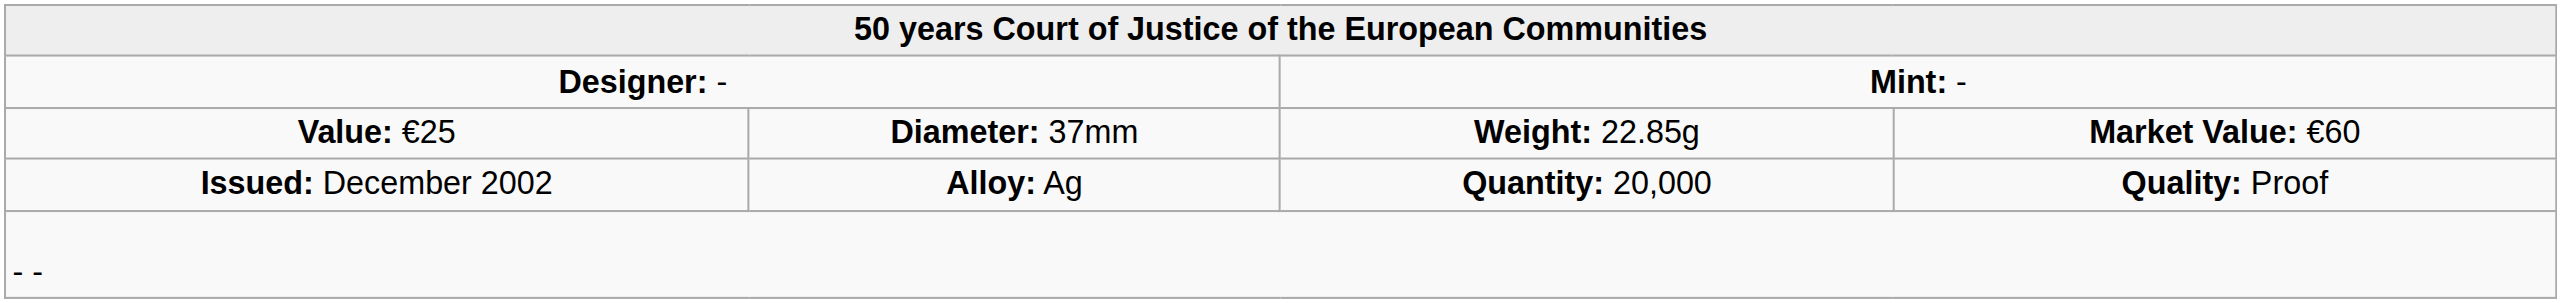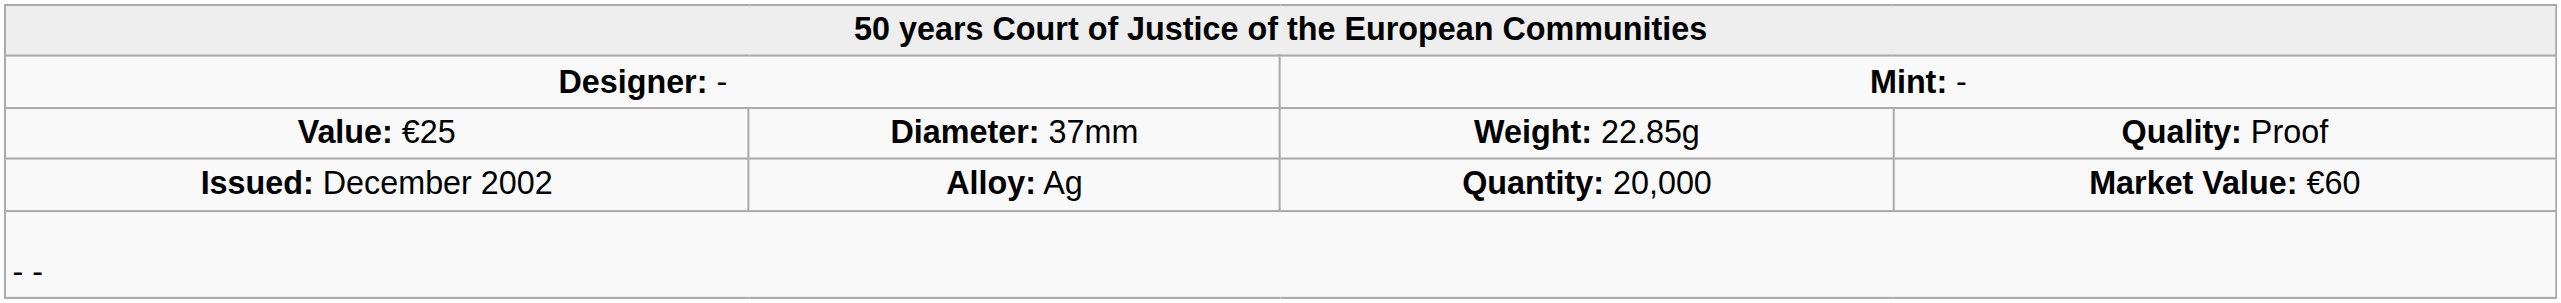 <table class="wikitable" width=100%>
 <tr>
 <th colspan="4" align=center style="background:#eeeeee;">50 years Court of Justice of the European Communities</th>
 </tr>
 <tr>
 <td colspan="2" width="50%" align=center><strong>Designer:</strong>	-</td>
 <td colspan="2" width="50%" align=center><strong>Mint:</strong> -</td>
 </tr>
 <tr>
 <td align=center><strong>Value:</strong>	€25</td>
 <td align=center><strong>Diameter:</strong>	37mm</td>
 <td align=center><strong>Weight:</strong>	22.85g</td>
-<td align=center><strong>Market Value:</strong>	€60</td>
+<td align=center><strong>Quality:</strong>	Proof</td>
 </tr>
 <tr>
 <td align=center><strong>Issued:</strong>	December 2002</td>
 <td align=center><strong>Alloy:</strong>	Ag</td>
 <td align=center><strong>Quantity:</strong>	20,000</td>
-<td align=center><strong>Quality:</strong>	Proof</td>
+<td align=center><strong>Market Value:</strong>	€60</td>
 </tr>
 <tr>
 <td colspan="5" align=left><br>-	 -</td>
 </tr>
 </table>
